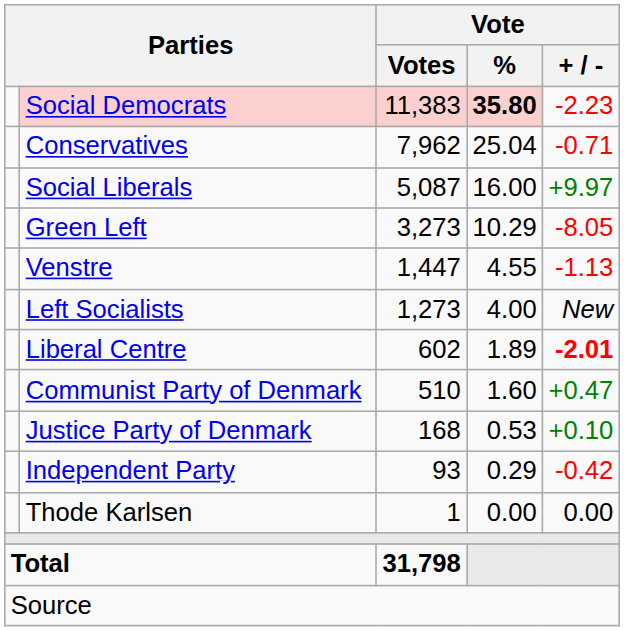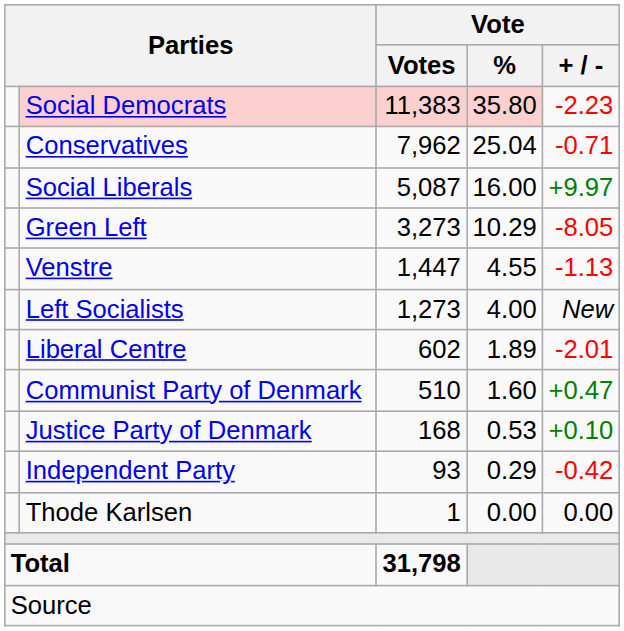 <table class="wikitable" style="text-align:right;">
 <tr>
 <th style="text-align:centre;" rowspan="2" colspan="2" width="225">Parties</th>
 <th colspan="3">Vote</th>
 </tr>
 <tr>
 <th width="15">Votes</th>
 <th width="15">%</th>
 <th width="15">+ / -</th>
 </tr>
 <tr>
 <td width="2" style="color:inherit;background:"></td>
 <td bgcolor=#fbd0ce  align="left"><a href='#'>Social Democrats</a></td>
 <td bgcolor=#fbd0ce>11,383</td>
-<td bgcolor=#fbd0ce><strong>35.80</strong></td>
+<td bgcolor=#fbd0ce>35.80</td>
 <td style=color:red;>-2.23</td>
 </tr>
 <tr>
 <td width="2" style="color:inherit;background:"></td>
 <td align="left"><a href='#'>Conservatives</a></td>
 <td>7,962</td>
 <td>25.04</td>
 <td style=color:red;>-0.71</td>
 </tr>
 <tr>
 <td width="2" style="color:inherit;background:"></td>
 <td align="left"><a href='#'>Social Liberals</a></td>
 <td>5,087</td>
 <td>16.00</td>
 <td style=color:green;>+9.97</td>
 </tr>
 <tr>
 <td width="2" style="color:inherit;background:"></td>
 <td align="left"><a href='#'>Green Left</a></td>
 <td>3,273</td>
 <td>10.29</td>
 <td style=color:red;>-8.05</td>
 </tr>
 <tr>
 <td width="2" style="color:inherit;background:"></td>
 <td align="left"><a href='#'>Venstre</a></td>
 <td>1,447</td>
 <td>4.55</td>
 <td style=color:red;>-1.13</td>
 </tr>
 <tr>
 <td width="2" style="color:inherit;background:"></td>
 <td align="left"><a href='#'>Left Socialists</a></td>
 <td>1,273</td>
 <td>4.00</td>
 <td><em>New</em></td>
 </tr>
 <tr>
 <td width="2" style="color:inherit;background:"></td>
 <td align="left"><a href='#'>Liberal Centre</a></td>
 <td>602</td>
 <td>1.89</td>
-<td style=color:red;><strong>-2.01</strong></td>
+<td style=color:red;>-2.01</td>
 </tr>
 <tr>
 <td width="2" style="color:inherit;background:"></td>
 <td align="left"><a href='#'>Communist Party of Denmark</a></td>
 <td>510</td>
 <td>1.60</td>
 <td style=color:green;>+0.47</td>
 </tr>
 <tr>
 <td width="2" style="color:inherit;background:"></td>
 <td align="left"><a href='#'>Justice Party of Denmark</a></td>
 <td>168</td>
 <td>0.53</td>
 <td style=color:green;>+0.10</td>
 </tr>
 <tr>
 <td width="2" style="color:inherit;background:"></td>
 <td align="left"><a href='#'>Independent Party</a></td>
 <td>93</td>
 <td>0.29</td>
 <td style=color:red;>-0.42</td>
 </tr>
 <tr>
 <td width="2" style="color:inherit;background:"></td>
 <td align="left">Thode Karlsen</td>
 <td>1</td>
 <td>0.00</td>
 <td>0.00</td>
 </tr>
 <tr>
 <td colspan="7" bgcolor="#E9E9E9"></td>
 </tr>
 <tr>
 <td align="left" colspan="2"><strong>Total</strong></td>
 <td><strong>31,798</strong></td>
 <td bgcolor="#E9E9E9" colspan="2"></td>
 </tr>
 <tr>
 <td align="left" colspan="6">Source</td>
 </tr>
 </table>
